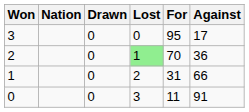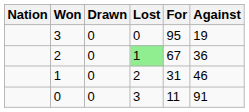 <table class="wikitable">
 <tr>
+<th>Nation</th>
 <th>Won</th>
-<th>Nation</th>
 <th>Drawn</th>
 <th>Lost</th>
 <th>For</th>
 <th>Against</th>
 </tr>
 <tr>
+<td></td>
 <td>3</td>
-<td></td>
 <td>0</td>
 <td>0</td>
 <td>95</td>
-<td>17</td>
+<td>19</td>
 </tr>
 <tr>
+<td></td>
 <td>2</td>
-<td></td>
 <td>0</td>
 <td style="background: lightgreen;">1</td>
-<td>70</td>
+<td>67</td>
 <td>36</td>
 </tr>
 <tr>
+<td></td>
 <td>1</td>
-<td></td>
 <td>0</td>
 <td>2</td>
 <td>31</td>
-<td>66</td>
+<td>46</td>
 </tr>
 <tr>
+<td></td>
 <td>0</td>
-<td></td>
 <td>0</td>
 <td>3</td>
 <td>11</td>
 <td>91</td>
 </tr>
 </table>
